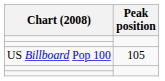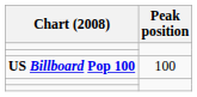 <table class="wikitable sortable">
 <tr>
 <th>Chart (2008)</th>
 <th>Peak<br>position</th>
 </tr>
 <tr>
 <td></td>
 </tr>
 <tr>
 <td></td>
 </tr>
 <tr>
-<td>US <em><a href='#'>Billboard</a></em> <a href='#'>Pop 100</a></td>
-<td align="center">105</td>
+<td><strong>US <em><a href='#'>Billboard</a></em> <a href='#'>Pop 100</a></strong></td>
+<td align="center">100</td>
 </tr>
 <tr>
 <td></td>
 </tr>
 <tr>
 <td></td>
 </tr>
 </table>
